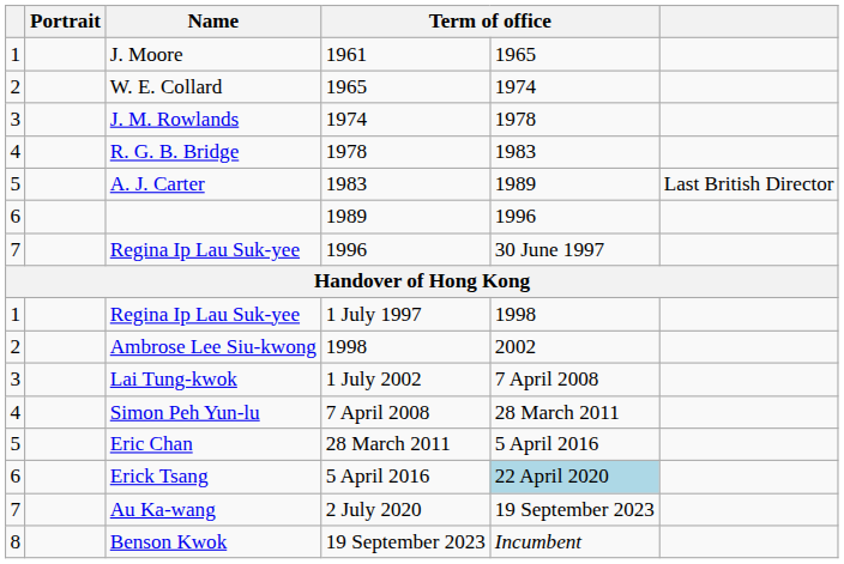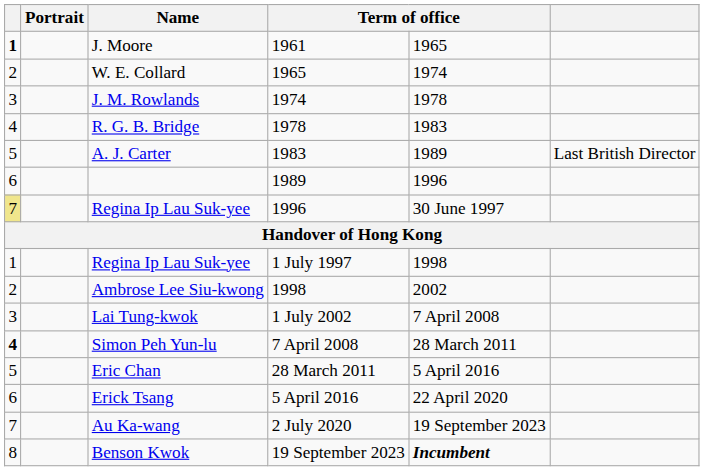 <table class="wikitable">
 <tr>
 <th></th>
 <th>Portrait</th>
 <th>Name</th>
 <th colspan="2">Term of office</th>
 <th></th>
 </tr>
 <tr>
-<td>1</td>
+<td><strong>1</strong></td>
 <td></td>
 <td>J. Moore<br></td>
 <td>1961</td>
 <td>1965</td>
 <td></td>
 </tr>
 <tr>
 <td>2</td>
 <td></td>
 <td>W. E. Collard<br></td>
 <td>1965</td>
 <td>1974</td>
 <td></td>
 </tr>
 <tr>
 <td>3</td>
 <td></td>
 <td><a href='#'>J. M. Rowlands</a><br></td>
 <td>1974</td>
 <td>1978</td>
 <td></td>
 </tr>
 <tr>
 <td>4</td>
 <td></td>
 <td><a href='#'>R. G. B. Bridge</a><br></td>
 <td>1978</td>
 <td>1983</td>
 <td></td>
 </tr>
 <tr>
 <td>5</td>
 <td></td>
 <td><a href='#'>A. J. Carter</a><br></td>
 <td>1983</td>
 <td>1989</td>
 <td>Last British Director</td>
 </tr>
 <tr>
 <td>6</td>
 <td></td>
 <td><br></td>
 <td>1989</td>
 <td>1996</td>
 <td></td>
 </tr>
 <tr>
-<td>7</td>
+<td style="background: khaki;">7</td>
 <td></td>
 <td><a href='#'>Regina Ip Lau Suk-yee</a><br></td>
 <td>1996</td>
 <td>30 June 1997</td>
 <td></td>
 </tr>
 <tr>
 <th colspan="6">Handover of Hong Kong</th>
 </tr>
 <tr>
 <td>1</td>
 <td></td>
 <td><a href='#'>Regina Ip Lau Suk-yee</a><br></td>
 <td>1 July 1997</td>
 <td>1998</td>
 <td></td>
 </tr>
 <tr>
 <td>2</td>
 <td></td>
 <td><a href='#'>Ambrose Lee Siu-kwong</a><br></td>
 <td>1998</td>
 <td>2002</td>
 <td></td>
 </tr>
 <tr>
 <td>3</td>
 <td></td>
 <td><a href='#'>Lai Tung-kwok</a><br></td>
 <td>1 July 2002</td>
 <td>7 April 2008</td>
 <td></td>
 </tr>
 <tr>
-<td>4</td>
+<td><strong>4</strong></td>
 <td></td>
 <td><a href='#'>Simon Peh Yun-lu</a><br></td>
 <td>7 April 2008</td>
 <td>28 March 2011</td>
 <td></td>
 </tr>
 <tr>
 <td>5</td>
 <td></td>
 <td><a href='#'>Eric Chan</a><br></td>
 <td>28 March 2011</td>
 <td>5 April 2016</td>
 <td></td>
 </tr>
 <tr>
 <td>6</td>
 <td></td>
 <td><a href='#'>Erick Tsang</a><br></td>
 <td>5 April 2016</td>
-<td style="background: lightblue;">22 April 2020</td>
+<td>22 April 2020</td>
 <td></td>
 </tr>
 <tr>
 <td>7</td>
 <td></td>
 <td><a href='#'>Au Ka-wang</a><br></td>
 <td>2 July 2020</td>
 <td>19 September 2023</td>
 <td></td>
 </tr>
 <tr>
 <td>8</td>
 <td></td>
 <td><a href='#'>Benson Kwok</a><br></td>
 <td>19 September 2023</td>
-<td><em>Incumbent</em></td>
+<td><strong><em>Incumbent</em></strong></td>
 <td></td>
 </tr>
 </table>
